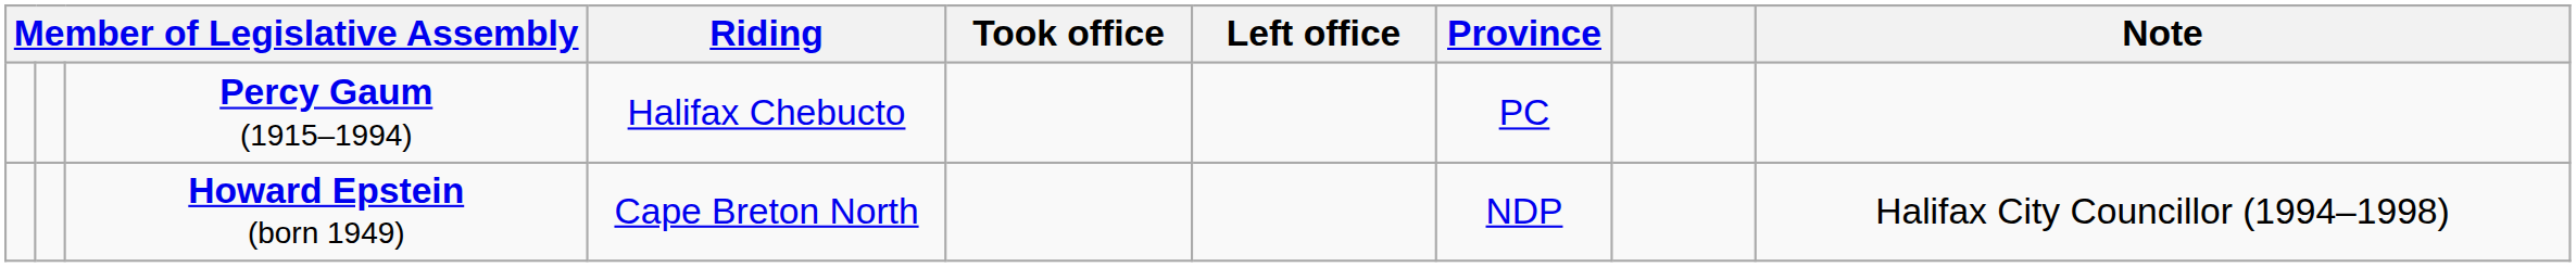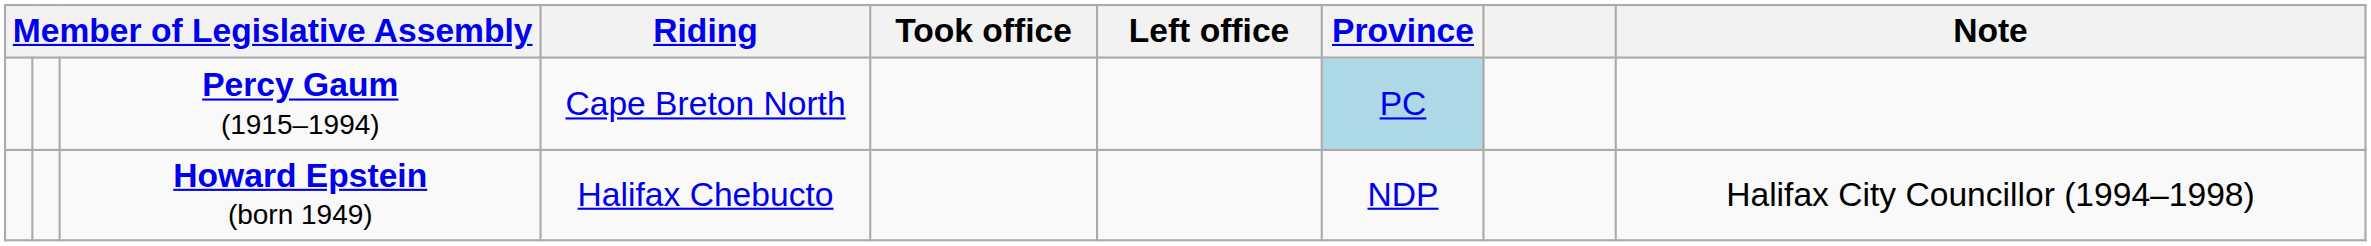 <table class="wikitable sortable plainrowheaders" style="text-align:center">
 <tr>
 <th colspan="3" class=unsortable><a href='#'>Member of Legislative Assembly</a></th>
 <th scope="col" width=150px><a href='#'>Riding</a></th>
 <th scope="col" width=100px>Took office</th>
 <th scope="col" width=100px>Left office</th>
 <th scope="col" width=70px><a href='#'>Province</a></th>
 <th scope="col" class=unsortable width=55px></th>
 <th scope="col" class=unsortable width=350px>Note</th>
 </tr>
 <tr>
 <td style="background:"></td>
 <td></td>
 <td><strong><a href='#'>Percy Gaum</a></strong><br><small>(1915–1994)</small></td>
-<td><a href='#'>Halifax Chebucto</a></td>
+<td><a href='#'>Cape Breton North</a></td>
 <td></td>
 <td></td>
-<td><a href='#'>PC</a></td>
+<td style="background: lightblue;"><a href='#'>PC</a></td>
 <td></td>
 <td></td>
 </tr>
 <tr>
 <td style="background:"></td>
 <td></td>
 <td><strong><a href='#'>Howard Epstein</a></strong><br><small>(born 1949)</small></td>
-<td><a href='#'>Cape Breton North</a></td>
+<td><a href='#'>Halifax Chebucto</a></td>
 <td></td>
 <td></td>
 <td><a href='#'>NDP</a></td>
 <td></td>
 <td>Halifax City Councillor (1994–1998)</td>
 </tr>
 </table>
